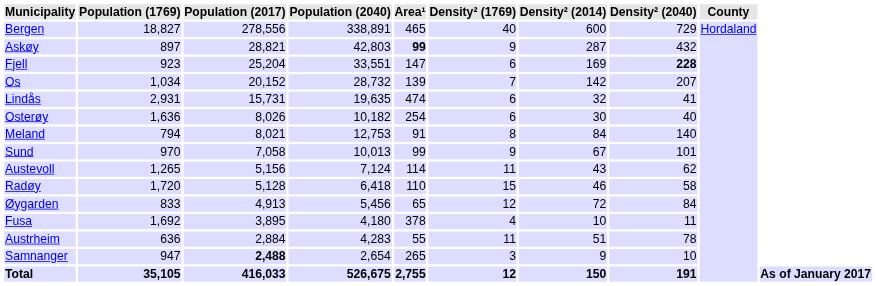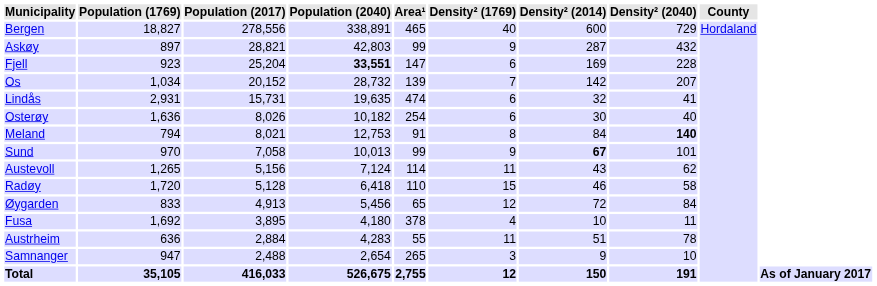 <table class="sortable" cellspacing="3" cellpadding="1" border="0">
 <tr bgcolor="#E5E5E5">
 <th>Municipality</th>
 <th>Population (1769) </th>
 <th>Population (2017) </th>
 <th>Population (2040) </th>
 <th>Area¹</th>
 <th>Density² (1769)</th>
 <th>Density² (2014)</th>
 <th>Density² (2040)</th>
 <th>County</th>
 </tr>
 <tr align="right" bgcolor="#ddddff">
 <td align="left"><a href='#'>Bergen</a></td>
 <td>18,827</td>
 <td>278,556</td>
 <td>338,891</td>
 <td>465</td>
 <td>40</td>
 <td>600</td>
 <td>729</td>
 <td rowspan="20" align="left" valign="top"><a href='#'>Hordaland</a></td>
 </tr>
 <tr align="right" bgcolor="#ddddff">
 <td align="left"><a href='#'>Askøy</a></td>
 <td>897</td>
 <td>28,821</td>
 <td>42,803</td>
-<td><strong>99</strong></td>
+<td>99</td>
 <td>9</td>
 <td>287</td>
 <td>432</td>
 </tr>
 <tr align="right" bgcolor="#ddddff">
 <td align="left"><a href='#'>Fjell</a></td>
 <td>923</td>
 <td>25,204</td>
-<td>33,551</td>
+<td><strong>33,551</strong></td>
 <td>147</td>
 <td>6</td>
 <td>169</td>
-<td><strong>228</strong></td>
+<td>228</td>
 </tr>
 <tr align="right" bgcolor="#ddddff">
 <td align="left"><a href='#'>Os</a></td>
 <td>1,034</td>
 <td>20,152</td>
 <td>28,732</td>
 <td>139</td>
 <td>7</td>
 <td>142</td>
 <td>207</td>
 </tr>
 <tr align="right" bgcolor="#ddddff">
 <td align="left"><a href='#'>Lindås</a></td>
 <td>2,931</td>
 <td>15,731</td>
 <td>19,635</td>
 <td>474</td>
 <td>6</td>
 <td>32</td>
 <td>41</td>
 </tr>
 <tr align="right" bgcolor="#ddddff">
 <td align="left"><a href='#'>Osterøy</a></td>
 <td>1,636</td>
 <td>8,026</td>
 <td>10,182</td>
 <td>254</td>
 <td>6</td>
 <td>30</td>
 <td>40</td>
 </tr>
 <tr align="right" bgcolor="#ddddff">
 <td align="left"><a href='#'>Meland</a></td>
 <td>794</td>
 <td>8,021</td>
 <td>12,753</td>
 <td>91</td>
 <td>8</td>
 <td>84</td>
-<td>140</td>
+<td><strong>140</strong></td>
 </tr>
 <tr align="right" bgcolor="#ddddff">
 <td align="left"><a href='#'>Sund</a></td>
 <td>970</td>
 <td>7,058</td>
 <td>10,013</td>
 <td>99</td>
 <td>9</td>
-<td>67</td>
+<td><strong>67</strong></td>
 <td>101</td>
 </tr>
 <tr align="right" bgcolor="#ddddff">
 <td align="left"><a href='#'>Austevoll</a></td>
 <td>1,265</td>
 <td>5,156</td>
 <td>7,124</td>
 <td>114</td>
 <td>11</td>
 <td>43</td>
 <td>62</td>
 </tr>
 <tr align="right" bgcolor="#ddddff">
 <td align="left"><a href='#'>Radøy</a></td>
 <td>1,720</td>
 <td>5,128</td>
 <td>6,418</td>
 <td>110</td>
 <td>15</td>
 <td>46</td>
 <td>58</td>
 </tr>
 <tr align="right" bgcolor="#ddddff">
 <td align="left"><a href='#'>Øygarden</a></td>
 <td>833</td>
 <td>4,913</td>
 <td>5,456</td>
 <td>65</td>
 <td>12</td>
 <td>72</td>
 <td>84</td>
 </tr>
 <tr align="right" bgcolor="#ddddff">
 <td align="left"><a href='#'>Fusa</a></td>
 <td>1,692</td>
 <td>3,895</td>
 <td>4,180</td>
 <td>378</td>
 <td>4</td>
 <td>10</td>
 <td>11</td>
 </tr>
 <tr align="right" bgcolor="#ddddff">
 <td align="left"><a href='#'>Austrheim</a></td>
 <td>636</td>
 <td>2,884</td>
 <td>4,283</td>
 <td>55</td>
 <td>11</td>
 <td>51</td>
 <td>78</td>
 </tr>
 <tr align="right" bgcolor="#ddddff">
 <td align="left"><a href='#'>Samnanger</a></td>
 <td>947</td>
-<td><strong>2,488</strong></td>
+<td>2,488</td>
 <td>2,654</td>
 <td>265</td>
 <td>3</td>
 <td>9</td>
 <td>10</td>
 </tr>
 <tr align="right" bgcolor="#ddddff">
 <th align="left">Total</th>
 <th>35,105</th>
 <th>416,033</th>
 <th>526,675</th>
 <th>2,755</th>
 <th>12</th>
 <th>150</th>
 <th>191</th>
 <th>As of January 2017</th>
 </tr>
 </table>
